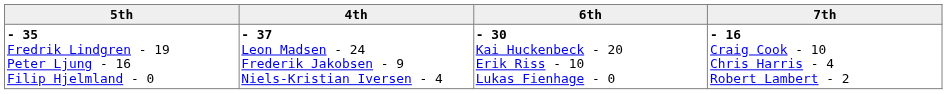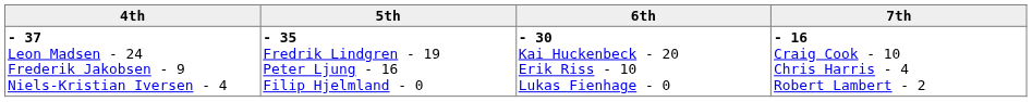 <table border="1" cellpadding="2" cellspacing="0"  style="width:75%; border-collapse:collapse;">
 <tr style="text-align:left; background:#efefef;">
+<th style="width:15%; text-align:center;">4th</th>
 <th style="width:15%; text-align:center;">5th</th>
-<th style="width:15%; text-align:center;">4th</th>
 <th style="width:15%; text-align:center;">6th</th>
 <th style="width:15%; text-align:center;">7th</th>
 </tr>
 <tr align=left>
+<td valign=top align=left><strong> - 37</strong><br><a href='#'>Leon Madsen</a> - 24<br><a href='#'>Frederik Jakobsen</a> - 9<br><a href='#'>Niels-Kristian Iversen</a> - 4</td>
 <td valign=top align=left><strong> - 35</strong><br><a href='#'>Fredrik Lindgren</a> - 19<br><a href='#'>Peter Ljung</a> - 16<br><a href='#'>Filip Hjelmland</a> - 0</td>
-<td valign=top align=left><strong> - 37</strong><br><a href='#'>Leon Madsen</a> - 24<br><a href='#'>Frederik Jakobsen</a> - 9<br><a href='#'>Niels-Kristian Iversen</a> - 4</td>
 <td valign=top align=left><strong> - 30</strong><br><a href='#'>Kai Huckenbeck</a> - 20<br><a href='#'>Erik Riss</a> - 10<br><a href='#'>Lukas Fienhage</a> - 0</td>
 <td valign=top align=left><strong> - 16</strong><br><a href='#'>Craig Cook</a> - 10<br><a href='#'>Chris Harris</a> - 4<br><a href='#'>Robert Lambert</a> - 2</td>
 </tr>
 </table>
